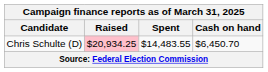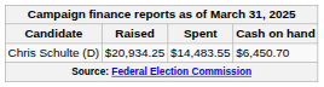 <table class="wikitable sortable">
 <tr>
 <th colspan=4>Campaign finance reports as of March 31, 2025</th>
 </tr>
 <tr style="text-align:center;">
 <th>Candidate</th>
 <th>Raised</th>
 <th>Spent</th>
 <th>Cash on hand</th>
 </tr>
 <tr>
 <td>Chris Schulte (D)</td>
-<td style="background: pink;">$20,934.25</td>
+<td>$20,934.25</td>
 <td>$14,483.55</td>
 <td>$6,450.70</td>
 </tr>
 <tr>
 <th colspan="4"><small>Source: <a href='#'>Federal Election Commission</a></small></th>
 </tr>
 </table>
